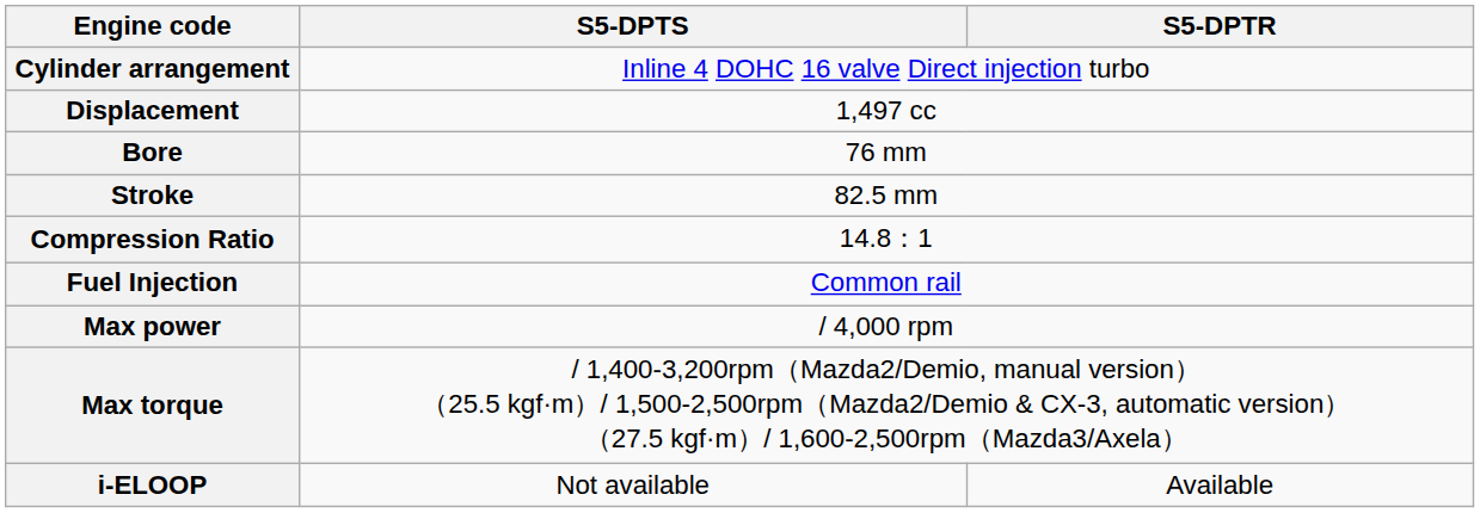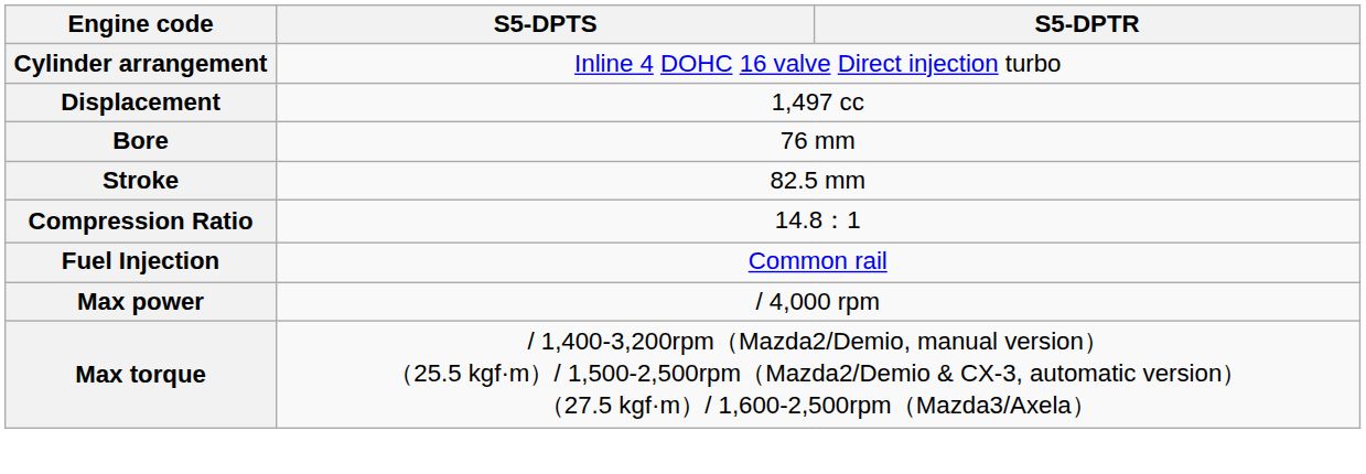 <table class="wikitable" width="70%" style="text-align:center">
 <tr>
 <th>Engine code</th>
 <th>S5-DPTS</th>
 <th>S5-DPTR</th>
 </tr>
 <tr>
 <th style="width:20%">Cylinder arrangement</th>
 <td colspan=2><a href='#'>Inline 4</a> <a href='#'>DOHC</a> <a href='#'>16 valve</a> <a href='#'>Direct injection</a> turbo</td>
 </tr>
 <tr>
 <th>Displacement</th>
 <td colspan=2>1,497 cc</td>
 </tr>
 <tr>
 <th>Bore</th>
 <td colspan=2>76 mm</td>
 </tr>
 <tr>
 <th>Stroke</th>
 <td colspan=2>82.5 mm</td>
 </tr>
 <tr>
 <th>Compression Ratio</th>
 <td colspan=2>14.8：1</td>
 </tr>
 <tr>
 <th>Fuel Injection</th>
 <td colspan=2><a href='#'>Common rail</a></td>
 </tr>
 <tr>
 <th>Max power</th>
 <td colspan=2> / 4,000 rpm</td>
 </tr>
 <tr>
 <th>Max torque</th>
 <td colspan=2> / 1,400-3,200rpm（Mazda2/Demio, manual version）<br>（25.5 kgf·m）/ 1,500-2,500rpm（Mazda2/Demio & CX-3, automatic version）<br>（27.5 kgf·m）/ 1,600-2,500rpm（Mazda3/Axela）</td>
 </tr>
-<tr>
-<th>i-ELOOP</th>
-<td>Not available</td>
-<td>Available</td>
-</tr>
 </table>
